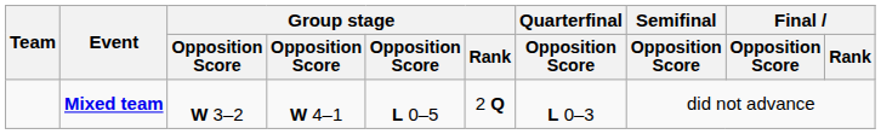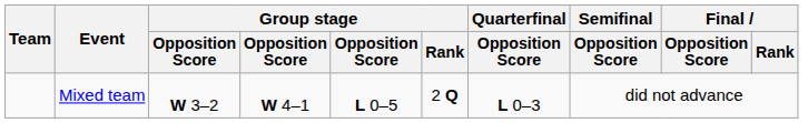 <table class=wikitable style=font-size:90%;text-align:center>
 <tr>
 <th rowspan=2>Team</th>
 <th rowspan=2>Event</th>
 <th colspan=4>Group stage</th>
 <th>Quarterfinal</th>
 <th>Semifinal</th>
 <th colspan=2>Final / </th>
 </tr>
 <tr style=font-size:95%>
 <th>Opposition<br>Score</th>
 <th>Opposition<br>Score</th>
 <th>Opposition<br>Score</th>
 <th>Rank</th>
 <th>Opposition<br>Score</th>
 <th>Opposition<br>Score</th>
 <th>Opposition<br>Score</th>
 <th>Rank</th>
 </tr>
 <tr>
 <td align=left></td>
-<td align=left><strong><a href='#'>Mixed team</a></strong></td>
+<td align=left><a href='#'>Mixed team</a></td>
 <td><br><strong>W</strong> 3–2</td>
 <td><br><strong>W</strong> 4–1</td>
 <td><br><strong>L</strong> 0–5</td>
 <td>2 <strong>Q</strong></td>
 <td><br><strong>L</strong> 0–3</td>
 <td colspan=3>did not advance</td>
 </tr>
 </table>
